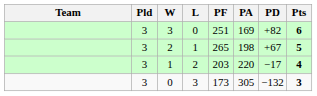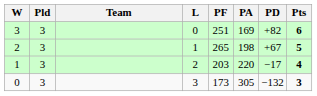 <table class=wikitable style="text-align:center">
 <tr>
+<th width=30>W</th>
+<th width=30>Pld</th>
 <th width=180>Team</th>
-<th width=30>Pld</th>
-<th width=30>W</th>
 <th width=30>L</th>
 <th width=30>PF</th>
 <th width=30>PA</th>
 <th width=30>PD</th>
 <th width=30>Pts</th>
 </tr>
 <tr bgcolor="#ccffcc">
-<td align="left"></td>
 <td>3</td>
 <td>3</td>
+<td align="left"></td>
 <td>0</td>
 <td>251</td>
 <td>169</td>
 <td>+82</td>
 <td><strong>6</strong></td>
 </tr>
 <tr bgcolor="#ccffcc">
+<td>2</td>
+<td>3</td>
 <td align="left"></td>
-<td>3</td>
-<td>2</td>
 <td>1</td>
 <td>265</td>
 <td>198</td>
 <td>+67</td>
 <td><strong>5</strong></td>
 </tr>
 <tr bgcolor="#ccffcc">
+<td>1</td>
+<td>3</td>
 <td align="left"></td>
-<td>3</td>
-<td>1</td>
 <td>2</td>
 <td>203</td>
 <td>220</td>
 <td>−17</td>
 <td><strong>4</strong></td>
 </tr>
 <tr>
+<td>0</td>
+<td>3</td>
 <td align="left"></td>
-<td>3</td>
-<td>0</td>
 <td>3</td>
 <td>173</td>
 <td>305</td>
 <td>−132</td>
 <td><strong>3</strong></td>
 </tr>
 </table>
